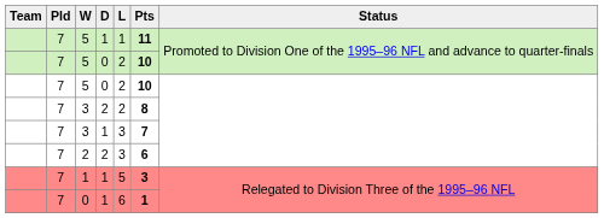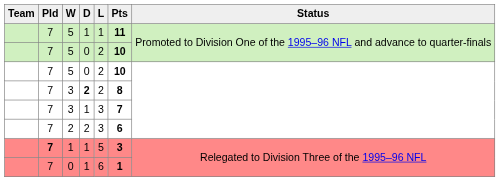 <table style=border-collapse:collapse border=1 cellspacing=0 cellpadding=5>
 <tr align=center bgcolor=#efefef>
 <th>Team</th>
 <th>Pld</th>
 <th>W</th>
 <th>D</th>
 <th>L</th>
 <th>Pts</th>
 <th>Status</th>
 </tr>
 <tr align=center style="background:#D0F0C0;">
 <td style="text-align:left;"> </td>
 <td>7</td>
 <td>5</td>
 <td>1</td>
 <td>1</td>
 <td><strong>11</strong></td>
 <td rowspan=2>Promoted to Division One of the <a href='#'>1995–96 NFL</a> and advance to quarter-finals</td>
 </tr>
 <tr align=center style="background:#D0F0C0;">
 <td style="text-align:left;"> </td>
 <td>7</td>
 <td>5</td>
 <td>0</td>
 <td>2</td>
 <td><strong>10</strong></td>
 </tr>
 <tr align=center style="background:#FFFFFF;">
 <td style="text-align:left;"> </td>
 <td>7</td>
 <td>5</td>
 <td>0</td>
 <td>2</td>
 <td><strong>10</strong></td>
 <td rowspan=4></td>
 </tr>
 <tr align=center style="background:#FFFFFF;">
 <td style="text-align:left;"> </td>
 <td>7</td>
 <td>3</td>
-<td>2</td>
+<td><strong>2</strong></td>
 <td>2</td>
 <td><strong>8</strong></td>
 </tr>
 <tr align=center style="background:#FFFFFF;">
 <td style="text-align:left;"> </td>
 <td>7</td>
 <td>3</td>
 <td>1</td>
 <td>3</td>
 <td><strong>7</strong></td>
 </tr>
 <tr align=center style="background:#FFFFFF;">
 <td style="text-align:left;"> </td>
 <td>7</td>
 <td>2</td>
 <td>2</td>
 <td>3</td>
 <td><strong>6</strong></td>
 </tr>
 <tr align=center style="background:#FF8888;">
 <td style="text-align:left;"> </td>
-<td>7</td>
+<td><strong>7</strong></td>
 <td>1</td>
 <td>1</td>
 <td>5</td>
 <td><strong>3</strong></td>
 <td rowspan=2>Relegated to Division Three of the <a href='#'>1995–96 NFL</a></td>
 </tr>
 <tr align=center style="background:#FF8888;">
 <td style="text-align:left;"> </td>
 <td>7</td>
 <td>0</td>
 <td>1</td>
 <td>6</td>
 <td><strong>1</strong></td>
 </tr>
 </table>
